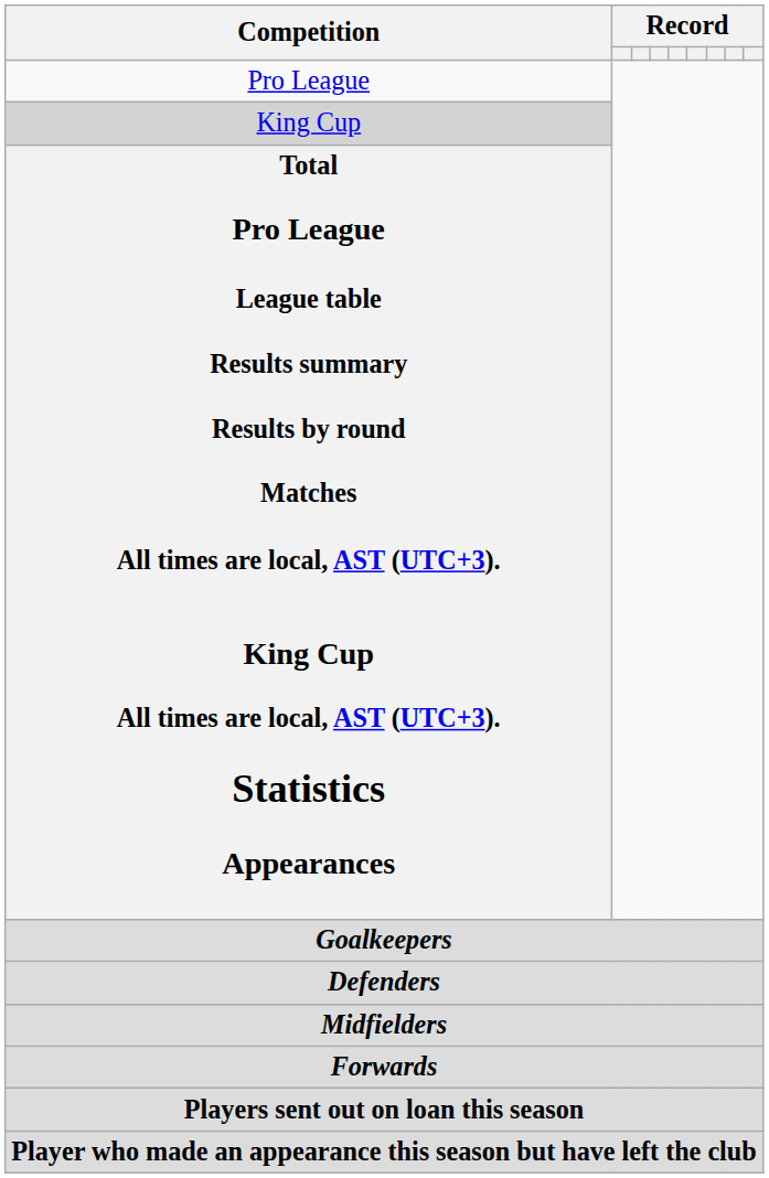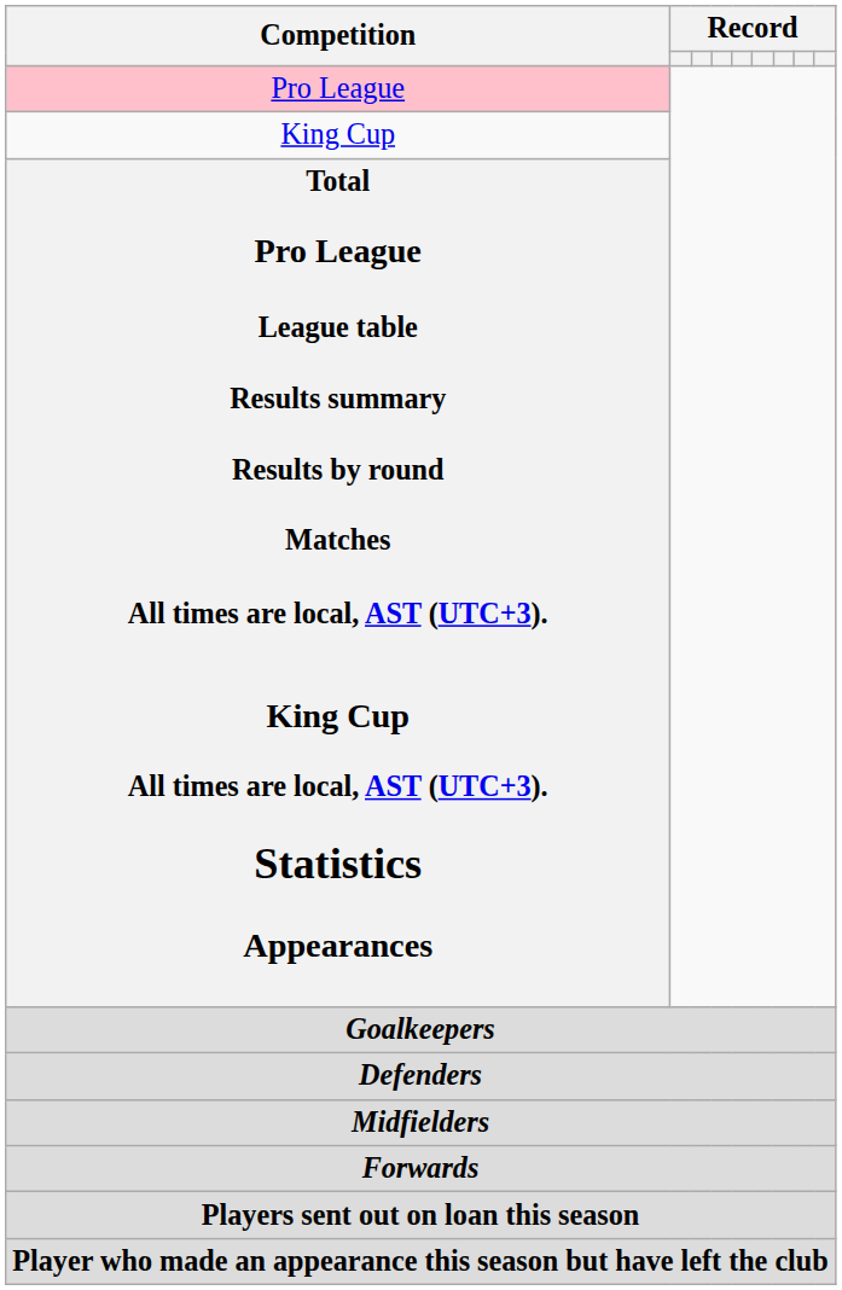 <table class="wikitable" style="text-align: center">
 <tr>
 <th rowspan=2>Competition</th>
 <th colspan=8>Record</th>
 </tr>
 <tr>
 <th></th>
 <th></th>
 <th></th>
 <th></th>
 <th></th>
 <th></th>
 <th></th>
 <th></th>
 </tr>
 <tr>
-<td><a href='#'>Pro League</a><br></td>
+<td style="background: pink;"><a href='#'>Pro League</a><br></td>
 </tr>
 <tr>
-<td style="background: lightgrey;"><a href='#'>King Cup</a><br></td>
+<td><a href='#'>King Cup</a><br></td>
 </tr>
 <tr>
 <th>Total<br> <h3>Pro League</h3><h4>League table</h4><h4>Results summary</h4> <h4>Results by round</h4><h4>Matches</h4>All times are local, <a href='#'>AST</a> (<a href='#'>UTC+3</a>).<br>   <br>                              <h3>King Cup</h3> All times are local, <a href='#'>AST</a> (<a href='#'>UTC+3</a>).<br>   <h2>Statistics</h2><h3>Appearances</h3></th>
 </tr>
 <tr>
 <th colspan=10 style=background:#dcdcdc; text-align:center><em>Goalkeepers</em><br> </th>
 </tr>
 <tr>
 <th colspan=10 style=background:#dcdcdc; text-align:center><em>Defenders</em><br>         </th>
 </tr>
 <tr>
 <th colspan=10 style=background:#dcdcdc; text-align:center><em>Midfielders</em><br>              </th>
 </tr>
 <tr>
 <th colspan=10 style=background:#dcdcdc; text-align:center><em>Forwards</em><br>   </th>
 </tr>
 <tr>
 <th colspan=18 style=background:#dcdcdc; text-align:center>Players sent out on loan this season<br> </th>
 </tr>
 <tr>
 <th colspan=18 style=background:#dcdcdc; text-align:center>Player who made an appearance this season but have left the club<br>      </th>
 </tr>
 </table>
